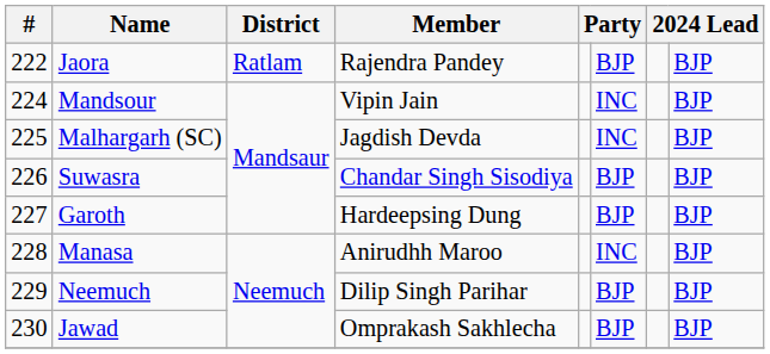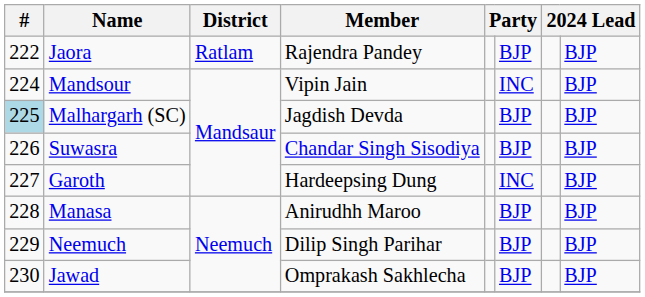 <table class="wikitable">
 <tr>
 <th>#</th>
 <th>Name</th>
 <th>District</th>
 <th>Member</th>
 <th colspan="2">Party</th>
 <th colspan="2">2024 Lead</th>
 </tr>
 <tr>
 <td>222</td>
 <td><a href='#'>Jaora</a></td>
 <td><a href='#'>Ratlam</a></td>
 <td>Rajendra Pandey</td>
 <td style="background-color: "></td>
 <td><a href='#'>BJP</a></td>
 <td style="background-color: "></td>
 <td><a href='#'>BJP</a></td>
 </tr>
 <tr>
 <td>224</td>
 <td><a href='#'>Mandsour</a></td>
 <td rowspan="4"><a href='#'>Mandsaur</a></td>
 <td>Vipin Jain</td>
 <td style="background-color: "></td>
 <td><a href='#'>INC</a></td>
 <td style="background-color: "></td>
 <td><a href='#'>BJP</a></td>
 </tr>
 <tr>
-<td>225</td>
+<td style="background: lightblue;">225</td>
 <td><a href='#'>Malhargarh</a> (SC)</td>
 <td>Jagdish Devda</td>
 <td style="background-color: "></td>
-<td><a href='#'>INC</a></td>
+<td><a href='#'>BJP</a></td>
 <td style="background-color: "></td>
 <td><a href='#'>BJP</a></td>
 </tr>
 <tr>
 <td>226</td>
 <td><a href='#'>Suwasra</a></td>
 <td><a href='#'>Chandar Singh Sisodiya</a></td>
 <td style="background-color: "></td>
 <td><a href='#'>BJP</a></td>
 <td style="background-color: "></td>
 <td><a href='#'>BJP</a></td>
 </tr>
 <tr>
 <td>227</td>
 <td><a href='#'>Garoth</a></td>
 <td>Hardeepsing Dung</td>
 <td style="background-color: "></td>
-<td><a href='#'>BJP</a></td>
+<td><a href='#'>INC</a></td>
 <td style="background-color: "></td>
 <td><a href='#'>BJP</a></td>
 </tr>
 <tr>
 <td>228</td>
 <td><a href='#'>Manasa</a></td>
 <td rowspan="3"><a href='#'>Neemuch</a></td>
 <td>Anirudhh Maroo</td>
 <td style="background-color: "></td>
-<td><a href='#'>INC</a></td>
+<td><a href='#'>BJP</a></td>
 <td style="background-color: "></td>
 <td><a href='#'>BJP</a></td>
 </tr>
 <tr>
 <td>229</td>
 <td><a href='#'>Neemuch</a></td>
 <td>Dilip Singh Parihar</td>
 <td style="background-color: "></td>
 <td><a href='#'>BJP</a></td>
 <td style="background-color: "></td>
 <td><a href='#'>BJP</a></td>
 </tr>
 <tr>
 <td>230</td>
 <td><a href='#'>Jawad</a></td>
 <td>Omprakash Sakhlecha</td>
 <td style="background-color: "></td>
 <td><a href='#'>BJP</a></td>
 <td style="background-color: "></td>
 <td><a href='#'>BJP</a></td>
 </tr>
 <tr>
 </tr>
 </table>
